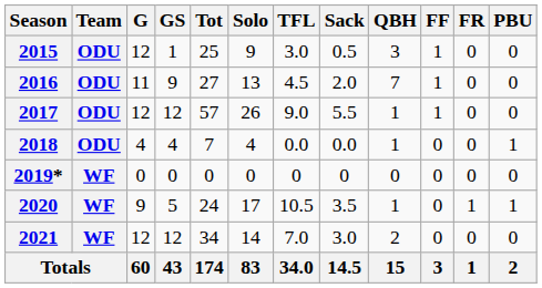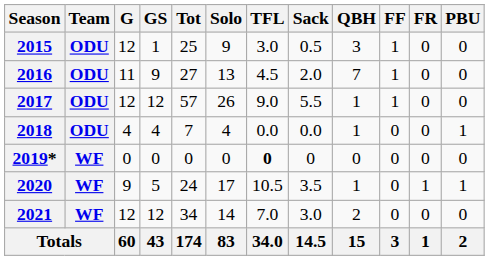 <table class="wikitable" style="text-align:center;">
 <tr>
 <th><strong>Season</strong></th>
 <th><strong>Team</strong></th>
 <th><strong>G</strong></th>
 <th><strong>GS</strong></th>
 <th><strong>Tot</strong></th>
 <th><strong>Solo</strong></th>
 <th><strong>TFL</strong></th>
 <th><strong>Sack</strong></th>
 <th><strong>QBH</strong></th>
 <th><strong>FF</strong></th>
 <th><strong>FR</strong></th>
 <th><strong>PBU</strong></th>
 </tr>
 <tr>
 <th><strong><a href='#'>2015</a></strong></th>
 <th><strong><a href='#'>ODU</a></strong></th>
 <td>12</td>
 <td>1</td>
 <td>25</td>
 <td>9</td>
 <td>3.0</td>
 <td>0.5</td>
 <td>3</td>
 <td>1</td>
 <td>0</td>
 <td>0</td>
 </tr>
 <tr>
 <th><strong><a href='#'>2016</a></strong></th>
 <th><strong><a href='#'>ODU</a></strong></th>
 <td>11</td>
 <td>9</td>
 <td>27</td>
 <td>13</td>
 <td>4.5</td>
 <td>2.0</td>
 <td>7</td>
 <td>1</td>
 <td>0</td>
 <td>0</td>
 </tr>
 <tr>
 <th><strong><a href='#'>2017</a></strong></th>
 <th><strong><a href='#'>ODU</a></strong></th>
 <td>12</td>
 <td>12</td>
 <td>57</td>
 <td>26</td>
 <td>9.0</td>
 <td>5.5</td>
 <td>1</td>
 <td>1</td>
 <td>0</td>
 <td>0</td>
 </tr>
 <tr>
 <th><strong><a href='#'>2018</a></strong></th>
 <th><strong><a href='#'>ODU</a></strong></th>
 <td>4</td>
 <td>4</td>
 <td>7</td>
 <td>4</td>
 <td>0.0</td>
 <td>0.0</td>
 <td>1</td>
 <td>0</td>
 <td>0</td>
 <td>1</td>
 </tr>
 <tr>
 <th><strong><a href='#'>2019</a>*</strong></th>
 <th><strong><a href='#'>WF</a></strong></th>
 <td>0</td>
 <td>0</td>
 <td>0</td>
 <td>0</td>
-<td>0</td>
+<td><strong>0</strong></td>
 <td>0</td>
 <td>0</td>
 <td>0</td>
 <td>0</td>
 <td>0</td>
 </tr>
 <tr>
 <th><strong><a href='#'>2020</a></strong></th>
 <th><strong><a href='#'>WF</a></strong></th>
 <td>9</td>
 <td>5</td>
 <td>24</td>
 <td>17</td>
 <td>10.5</td>
 <td>3.5</td>
 <td>1</td>
 <td>0</td>
 <td>1</td>
 <td>1</td>
 </tr>
 <tr>
 <th><strong><a href='#'>2021</a></strong></th>
 <th><strong><a href='#'>WF</a></strong></th>
 <td>12</td>
 <td>12</td>
 <td>34</td>
 <td>14</td>
 <td>7.0</td>
 <td>3.0</td>
 <td>2</td>
 <td>0</td>
 <td>0</td>
 <td>0</td>
 </tr>
 <tr>
 <th colspan="2"><strong>Totals</strong></th>
 <th><strong>60</strong></th>
 <th><strong>43</strong></th>
 <th><strong>174</strong></th>
 <th><strong>83</strong></th>
 <th><strong>34.0</strong></th>
 <th><strong>14.5</strong></th>
 <th><strong>15</strong></th>
 <th><strong>3</strong></th>
 <th><strong>1</strong></th>
 <th><strong>2</strong></th>
 </tr>
 </table>
